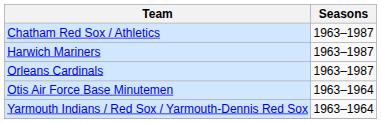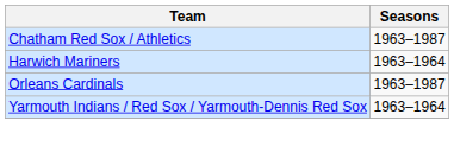 <table class="wikitable" style="display: inline-table; text-align:left">
 <tr>
 <th>Team</th>
 <th>Seasons</th>
 </tr>
 <tr>
 <td bgcolor=#D0E7FF><a href='#'>Chatham Red Sox / Athletics</a></td>
 <td>1963–1987</td>
 </tr>
 <tr>
 <td bgcolor=#D0E7FF><a href='#'>Harwich Mariners</a></td>
-<td>1963–1987</td>
+<td>1963–1964</td>
 </tr>
 <tr>
 <td bgcolor=#D0E7FF><a href='#'>Orleans Cardinals</a></td>
 <td>1963–1987</td>
-</tr>
-<tr>
-<td bgcolor=#D0E7FF><a href='#'>Otis Air Force Base Minutemen</a></td>
-<td>1963–1964</td>
 </tr>
 <tr>
 <td bgcolor=#D0E7FF><a href='#'>Yarmouth Indians / Red Sox / Yarmouth-Dennis Red Sox</a></td>
 <td>1963–1964</td>
 </tr>
 <tr>
 </tr>
 </table>
